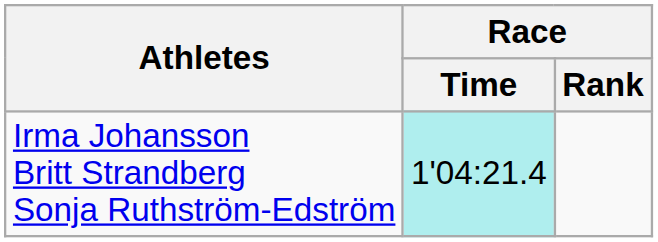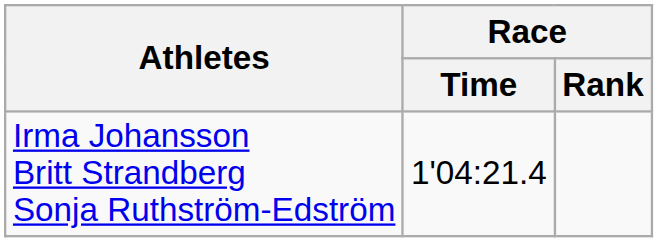 <table class="wikitable" border="1" style="font-size:90%">
 <tr>
 <th rowspan=2>Athletes</th>
 <th colspan=2>Race</th>
 </tr>
 <tr>
 <th>Time</th>
 <th>Rank</th>
 </tr>
 <tr>
 <td><a href='#'>Irma Johansson</a><br><a href='#'>Britt Strandberg</a><br><a href='#'>Sonja Ruthström-Edström</a></td>
-<td align=center style="background: paleturquoise;">1'04:21.4</td>
+<td align=center>1'04:21.4</td>
 <td align=center></td>
 </tr>
 </table>
